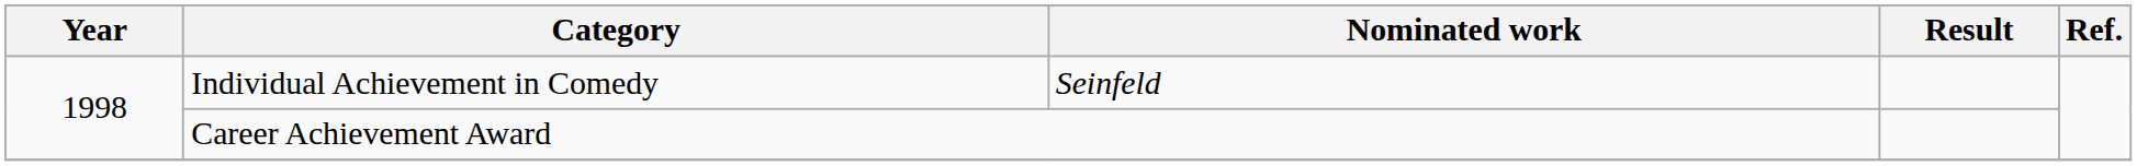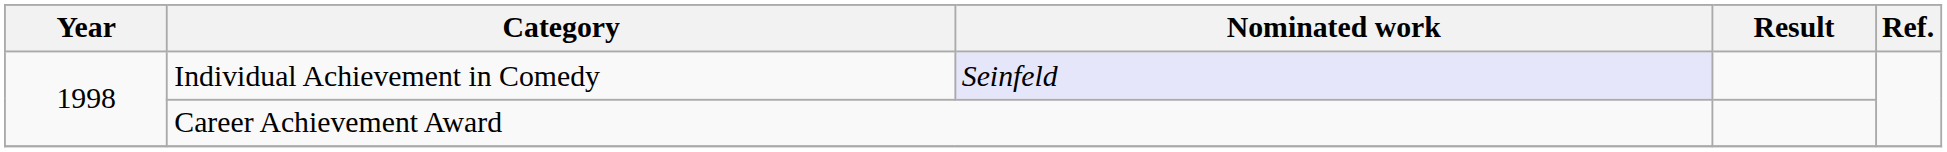 <table class=wikitable>
 <tr>
 <th scope="col" style="width:5em;">Year</th>
 <th scope="col" style="width:26em;">Category</th>
 <th scope="col" style="width:25em;">Nominated work</th>
 <th scope="col" style="width:5em;">Result</th>
 <th>Ref.</th>
 </tr>
 <tr>
 <td style="text-align:center;", rowspan=2>1998</td>
 <td>Individual Achievement in Comedy</td>
-<td><em>Seinfeld</em></td>
+<td style="background: lavender;"><em>Seinfeld</em></td>
 <td></td>
 <td rowspan=2></td>
 </tr>
 <tr>
 <td colspan=2>Career Achievement Award</td>
 <td></td>
 </tr>
 <tr>
 </tr>
 </table>
